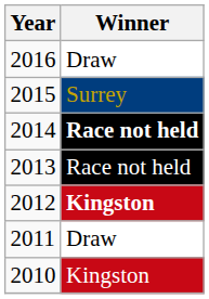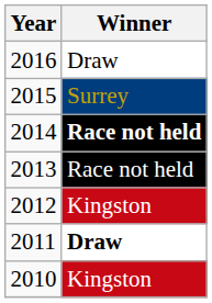 <table class="wikitable">
 <tr>
 <th>Year</th>
 <th>Winner</th>
 </tr>
 <tr>
 <td>2016</td>
 <td style="background:white; color:#000;">Draw</td>
 </tr>
 <tr>
 <td>2015</td>
 <td style="background:#003d7e; color:#c3a304;">Surrey</td>
 </tr>
 <tr>
 <td>2014</td>
 <td style="background:black; color:white;"><strong>Race not held</strong></td>
 </tr>
 <tr>
 <td>2013</td>
 <td style="background:black; color:white;">Race not held</td>
 </tr>
 <tr>
 <td>2012</td>
-<td style="background:#C80815; color:white;"><strong>Kingston</strong></td>
+<td style="background:#C80815; color:white;">Kingston</td>
 </tr>
 <tr>
 <td>2011</td>
-<td style="background:white; color:#000;">Draw</td>
+<td style="background:white; color:#000;"><strong>Draw</strong></td>
 </tr>
 <tr>
 <td>2010</td>
 <td style="background:#C80815; color:white;">Kingston</td>
 </tr>
 <tr>
 </tr>
 </table>
